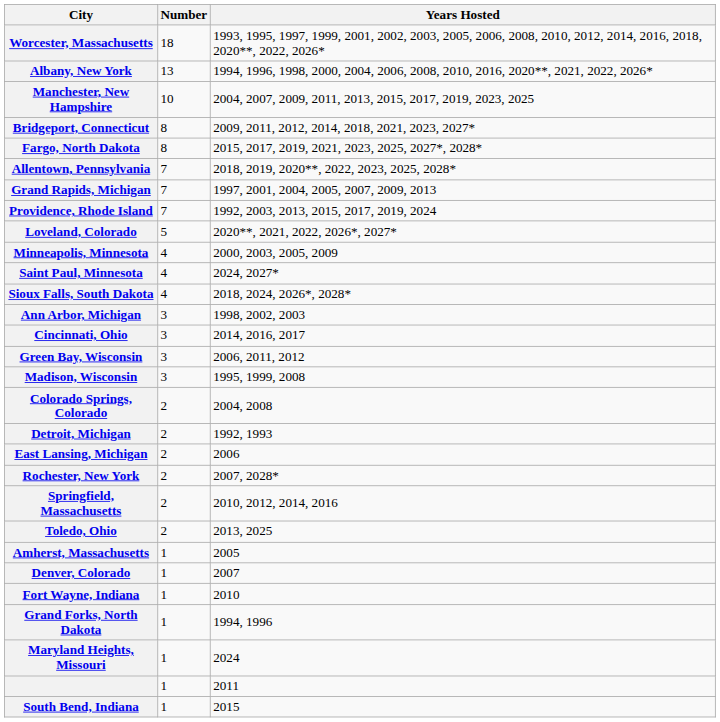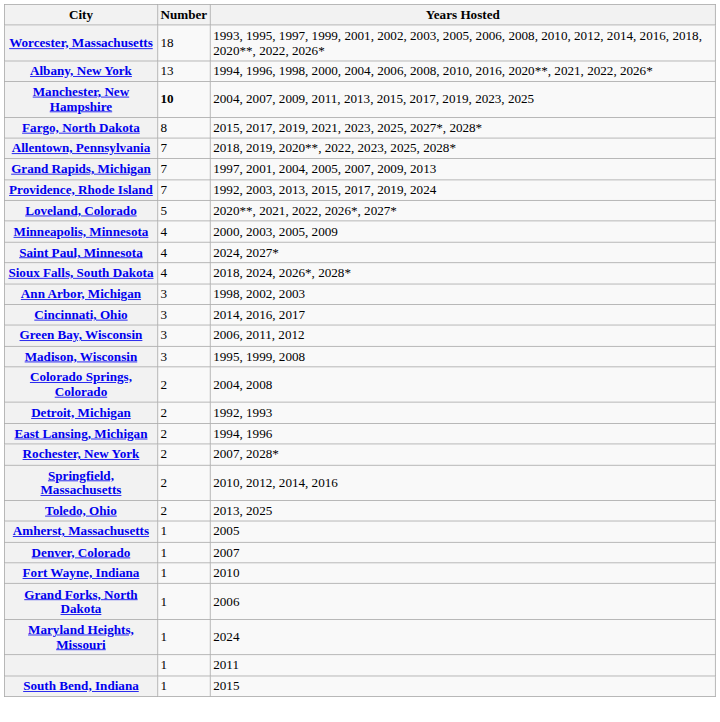 <table class="wikitable plainrowheaders sortable">
 <tr>
 <th scope="col">City</th>
 <th scope="col">Number</th>
 <th scope="col" class="unsortable">Years Hosted</th>
 </tr>
 <tr>
 <th scope="row" style="text-align:center;"><a href='#'>Worcester, Massachusetts</a></th>
 <td style=“text-align:center”>18</td>
 <td>1993, 1995, 1997, 1999, 2001, 2002, 2003, 2005, 2006, 2008, 2010, 2012, 2014, 2016, 2018, 2020**, 2022, 2026*</td>
 </tr>
 <tr>
 <th scope="row" style="text-align:center;"><a href='#'>Albany, New York</a></th>
 <td style=“text-align:center”>13</td>
 <td>1994, 1996, 1998, 2000, 2004, 2006, 2008, 2010, 2016, 2020**, 2021, 2022, 2026*</td>
 </tr>
 <tr>
 <th scope="row" style="text-align:center;"><a href='#'>Manchester, New Hampshire</a></th>
-<td style=“text-align:center”>10</td>
+<td style=“text-align:center”><strong>10</strong></td>
 <td>2004, 2007, 2009, 2011, 2013, 2015, 2017, 2019, 2023, 2025</td>
-</tr>
-<tr>
-<th scope="row" style="text-align:center;"><a href='#'>Bridgeport, Connecticut</a></th>
-<td style=“text-align:center”>8</td>
-<td>2009, 2011, 2012, 2014, 2018, 2021, 2023, 2027*</td>
 </tr>
 <tr>
 <th scope="row" style="text-align:center;"><a href='#'>Fargo, North Dakota</a></th>
 <td style=“text-align:center”>8</td>
 <td>2015, 2017, 2019, 2021, 2023, 2025, 2027*, 2028*</td>
 </tr>
 <tr>
 <th scope="row" style="text-align:center;"><a href='#'>Allentown, Pennsylvania</a></th>
 <td style=“text-align:center”>7</td>
 <td>2018, 2019, 2020**, 2022, 2023, 2025, 2028*</td>
 </tr>
 <tr>
 <th scope="row" style="text-align:center;"><a href='#'>Grand Rapids, Michigan</a></th>
 <td style=“text-align:center”>7</td>
 <td>1997, 2001, 2004, 2005, 2007, 2009, 2013</td>
 </tr>
 <tr>
 <th scope="row" style="text-align:center;"><a href='#'>Providence, Rhode Island</a></th>
 <td style=“text-align:center”>7</td>
 <td>1992, 2003, 2013, 2015, 2017, 2019, 2024</td>
 </tr>
 <tr>
 <th scope="row" style="text-align:center;"><a href='#'>Loveland, Colorado</a></th>
 <td style=“text-align:center”>5</td>
 <td>2020**, 2021, 2022, 2026*, 2027*</td>
 </tr>
 <tr>
 <th scope="row" style="text-align:center;"><a href='#'>Minneapolis, Minnesota</a></th>
 <td style=“text-align:center”>4</td>
 <td>2000, 2003, 2005, 2009</td>
 </tr>
 <tr>
 <th scope="row" style="text-align:center;"><a href='#'>Saint Paul, Minnesota</a></th>
 <td style=“text-align:center”>4</td>
 <td>2024, 2027*</td>
 </tr>
 <tr>
 <th scope="row" style="text-align:center;"><a href='#'>Sioux Falls, South Dakota</a></th>
 <td style=“text-align:center”>4</td>
 <td>2018, 2024, 2026*, 2028*</td>
 </tr>
 <tr>
 <th scope="row" style="text-align:center;"><a href='#'>Ann Arbor, Michigan</a></th>
 <td style=“text-align:center”>3</td>
 <td>1998, 2002, 2003</td>
 </tr>
 <tr>
 <th scope="row" style="text-align:center;"><a href='#'>Cincinnati, Ohio</a></th>
 <td style=“text-align:center”>3</td>
 <td>2014, 2016, 2017</td>
 </tr>
 <tr>
 <th scope="row" style="text-align:center;"><a href='#'>Green Bay, Wisconsin</a></th>
 <td style=“text-align:center”>3</td>
 <td>2006, 2011, 2012</td>
 </tr>
 <tr>
 <th scope="row" style="text-align:center;"><a href='#'>Madison, Wisconsin</a></th>
 <td style=“text-align:center”>3</td>
 <td>1995, 1999, 2008</td>
 </tr>
 <tr>
 <th scope="row" style="text-align:center;"><a href='#'>Colorado Springs, Colorado</a></th>
 <td style=“text-align:center”>2</td>
 <td>2004, 2008</td>
 </tr>
 <tr>
 <th scope="row" style="text-align:center;"><a href='#'>Detroit, Michigan</a></th>
 <td style=“text-align:center”>2</td>
 <td>1992, 1993</td>
 </tr>
 <tr>
 <th scope="row" style="text-align:center;"><a href='#'>East Lansing, Michigan</a></th>
 <td style=“text—align:center”>2</td>
-<td>2006</td>
+<td>1994, 1996</td>
 </tr>
 <tr>
 <th scope="row" style="text-align:center;"><a href='#'>Rochester, New York</a></th>
 <td style=“text-align:center”>2</td>
 <td>2007, 2028*</td>
 </tr>
 <tr>
 <th scope="row" style="text-align:center;"><a href='#'>Springfield, Massachusetts</a></th>
 <td style=“text-align:center”>2</td>
 <td>2010, 2012, 2014, 2016</td>
 </tr>
 <tr>
 <th scope="row" style="text-align:center;"><a href='#'>Toledo, Ohio</a></th>
 <td style=“text-align:center”>2</td>
 <td>2013, 2025</td>
 </tr>
 <tr>
 <th scope="row" style="text-align:center;"><a href='#'>Amherst, Massachusetts</a></th>
 <td style=“text-align:center”>1</td>
 <td>2005</td>
 </tr>
 <tr>
 <th scope="row" style="text-align:center;"><a href='#'>Denver, Colorado</a></th>
 <td style=“text-align:center”>1</td>
 <td>2007</td>
 </tr>
 <tr>
 <th scope="row" style="text-align:center;"><a href='#'>Fort Wayne, Indiana</a></th>
 <td style=“text-align:center”>1</td>
 <td>2010</td>
 </tr>
 <tr>
 <th scope="row" style="text-align:center;"><a href='#'>Grand Forks, North Dakota</a></th>
 <td style=“text-align:center”>1</td>
-<td>1994, 1996</td>
+<td>2006</td>
 </tr>
 <tr>
 <th scope="row" style="text-align:center;"><a href='#'>Maryland Heights, Missouri</a></th>
 <td style=“text-align:center”>1</td>
 <td>2024</td>
 </tr>
 <tr>
 <th scope="row" style="text-align:center;"></th>
 <td style=“text-align:center”>1</td>
 <td>2011</td>
 </tr>
 <tr>
 <th scope="row" style="text-align:center;"><a href='#'>South Bend, Indiana</a></th>
 <td style=“text-align:center”>1</td>
 <td>2015</td>
 </tr>
 </table>
